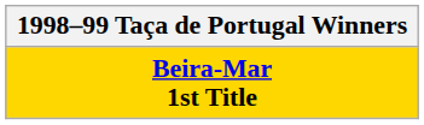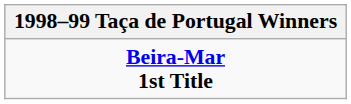 <table class="wikitable" style="text-align: center; margin: 0 auto; width: 20%">
 <tr>
 <th>1998–99 Taça de Portugal Winners</th>
 </tr>
 <tr>
-<td style="background: gold;"><strong><a href='#'>Beira-Mar</a></strong><br><strong>1st Title</strong></td>
+<td><strong><a href='#'>Beira-Mar</a></strong><br><strong>1st Title</strong></td>
 </tr>
 </table>
